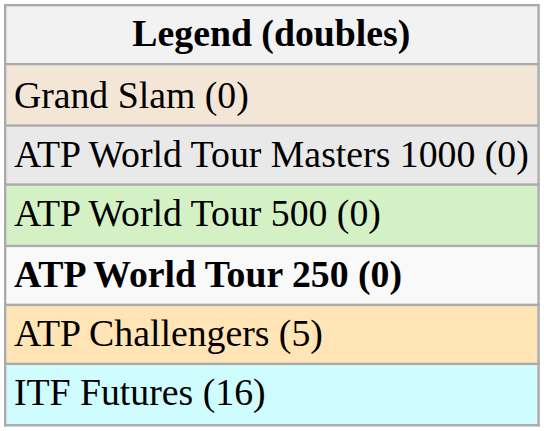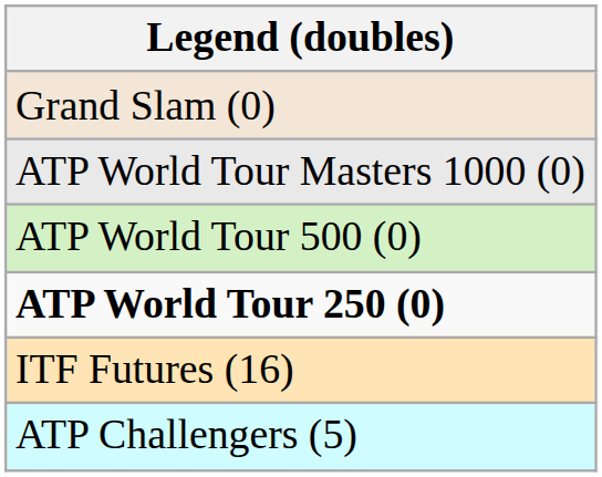 <table class="wikitable">
 <tr>
 <th>Legend (doubles)</th>
 </tr>
 <tr bgcolor="#f3e6d7">
 <td>Grand Slam (0)</td>
 </tr>
 <tr bgcolor="e9e9e9">
 <td>ATP World Tour Masters 1000 (0)</td>
 </tr>
 <tr bgcolor="d4f1c5">
 <td>ATP World Tour 500 (0)</td>
 </tr>
 <tr>
 <td><strong>ATP World Tour 250 (0)</strong></td>
 </tr>
 <tr bgcolor="moccasin">
+<td>ITF Futures (16)</td>
+</tr>
+<tr bgcolor="CFFCFF">
 <td>ATP Challengers (5)</td>
 </tr>
-<tr bgcolor="CFFCFF">
-<td>ITF Futures (16)</td>
-</tr>
 </table>
